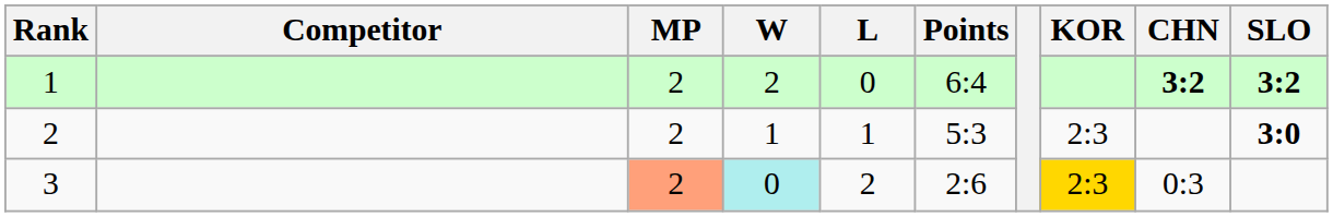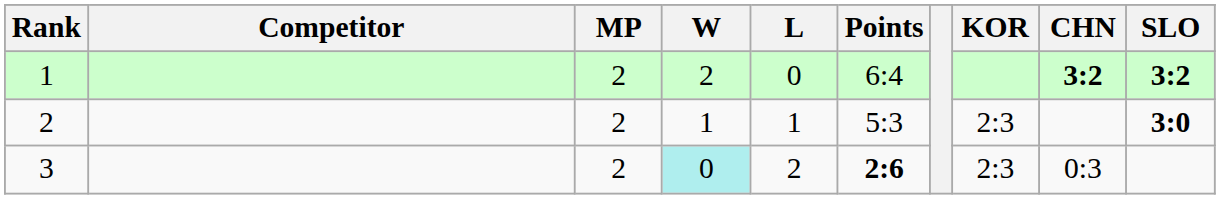 <table class="wikitable" style="text-align:center">
 <tr>
 <th>Rank</th>
 <th style="width:16em">Competitor</th>
 <th style="width:2.5em">MP</th>
 <th style="width:2.5em">W</th>
 <th style="width:2.5em">L</th>
 <th>Points</th>
 <th rowspan="4"> </th>
 <th style="width:2.5em">KOR</th>
 <th style="width:2.5em">CHN</th>
 <th style="width:2.5em">SLO</th>
 </tr>
 <tr style="background:#cfc;">
 <td>1</td>
 <td style="text-align:left"></td>
 <td>2</td>
 <td>2</td>
 <td>0</td>
 <td>6:4</td>
 <td></td>
 <td><strong>3:2</strong></td>
 <td><strong>3:2</strong></td>
 </tr>
 <tr>
 <td>2</td>
 <td style="text-align:left"></td>
 <td>2</td>
 <td>1</td>
 <td>1</td>
 <td>5:3</td>
 <td>2:3</td>
 <td></td>
 <td><strong>3:0</strong></td>
 </tr>
 <tr>
 <td>3</td>
 <td style="text-align:left"></td>
-<td style="background: lightsalmon;">2</td>
+<td>2</td>
 <td style="background: paleturquoise;">0</td>
 <td>2</td>
-<td>2:6</td>
-<td style="background: gold;">2:3</td>
+<td><strong>2:6</strong></td>
+<td>2:3</td>
 <td>0:3</td>
 <td></td>
 </tr>
 </table>
